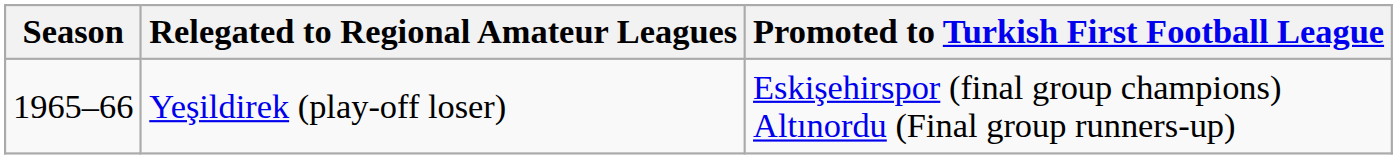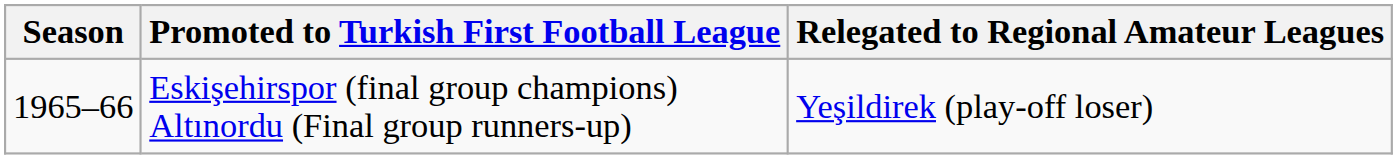 <table class="wikitable">
 <tr>
 <th>Season</th>
+<th>Promoted to <a href='#'>Turkish First Football League</a></th>
 <th>Relegated to Regional Amateur Leagues</th>
-<th>Promoted to <a href='#'>Turkish First Football League</a></th>
 </tr>
 <tr>
 <td>1965–66</td>
+<td><a href='#'>Eskişehirspor</a> (final group champions)<br><a href='#'>Altınordu</a> (Final group runners-up)</td>
 <td><a href='#'>Yeşildirek</a> (play-off loser)</td>
-<td><a href='#'>Eskişehirspor</a> (final group champions)<br><a href='#'>Altınordu</a> (Final group runners-up)</td>
 </tr>
 </table>
